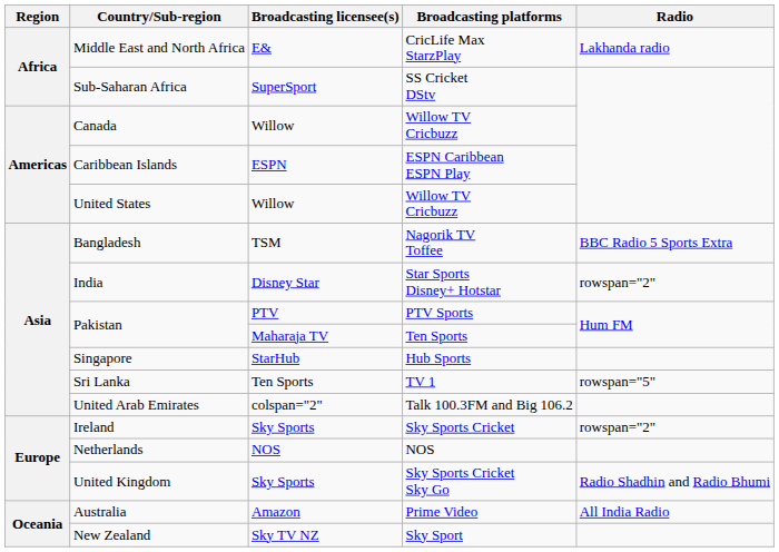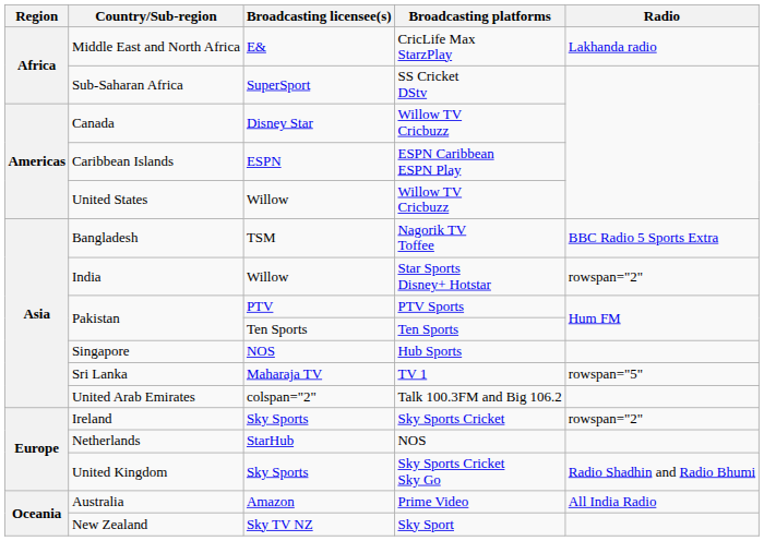 <table class="wikitable">
 <tr>
 <th scope="col">Region</th>
 <th scope="col">Country/Sub-region</th>
 <th scope="col">Broadcasting licensee(s)</th>
 <th scope="col">Broadcasting platforms</th>
 <th scope="col">Radio</th>
 </tr>
 <tr>
 <th rowspan=2>Africa</th>
 <td>Middle East and North Africa</td>
 <td><a href='#'>E&</a></td>
 <td>CricLife Max<br><a href='#'>StarzPlay</a></td>
 <td><a href='#'>Lakhanda radio</a></td>
 </tr>
 <tr>
 <td>Sub-Saharan Africa</td>
 <td><a href='#'>SuperSport</a></td>
 <td>SS Cricket<br><a href='#'>DStv</a></td>
 </tr>
 <tr>
 <th rowspan=3>Americas</th>
 <td>Canada</td>
-<td>Willow</td>
+<td><a href='#'>Disney Star</a></td>
 <td><a href='#'>Willow TV</a><br><a href='#'>Cricbuzz</a></td>
 </tr>
 <tr>
 <td>Caribbean Islands</td>
 <td><a href='#'>ESPN</a></td>
 <td><a href='#'>ESPN Caribbean</a><br><a href='#'>ESPN Play</a></td>
 </tr>
 <tr>
 <td>United States</td>
 <td>Willow</td>
 <td><a href='#'>Willow TV</a><br><a href='#'>Cricbuzz</a></td>
 </tr>
 <tr>
 <th rowspan=7>Asia</th>
 <td>Bangladesh</td>
 <td>TSM</td>
 <td><a href='#'>Nagorik TV</a><br><a href='#'>Toffee</a></td>
 <td><a href='#'>BBC Radio 5 Sports Extra</a></td>
 </tr>
 <tr>
 <td>India</td>
-<td><a href='#'>Disney Star</a></td>
+<td>Willow</td>
 <td><a href='#'>Star Sports</a><br><a href='#'>Disney+ Hotstar</a></td>
 <td>rowspan="2" </td>
 </tr>
 <tr>
 <td rowspan="2">Pakistan</td>
 <td><a href='#'>PTV</a></td>
 <td><a href='#'>PTV Sports</a></td>
 <td rowspan="2"><a href='#'>Hum FM</a></td>
 </tr>
 <tr>
-<td><a href='#'>Maharaja TV</a></td>
+<td>Ten Sports</td>
 <td><a href='#'>Ten Sports</a></td>
 </tr>
 <tr>
 <td>Singapore</td>
-<td><a href='#'>StarHub</a></td>
+<td><a href='#'>NOS</a></td>
 <td><a href='#'>Hub Sports</a></td>
 <td></td>
 </tr>
 <tr>
 <td>Sri Lanka</td>
-<td>Ten Sports</td>
+<td><a href='#'>Maharaja TV</a></td>
 <td><a href='#'>TV 1</a></td>
 <td>rowspan="5" </td>
 </tr>
 <tr>
 <td>United Arab Emirates</td>
 <td>colspan="2" </td>
 <td>Talk 100.3FM and Big 106.2</td>
 </tr>
 <tr>
 <th rowspan="3">Europe</th>
 <td>Ireland</td>
 <td><a href='#'>Sky Sports</a></td>
 <td><a href='#'>Sky Sports Cricket</a></td>
 <td>rowspan="2" </td>
 </tr>
 <tr>
 <td>Netherlands</td>
-<td><a href='#'>NOS</a></td>
+<td><a href='#'>StarHub</a></td>
 <td>NOS</td>
 </tr>
 <tr>
 <td>United Kingdom</td>
 <td><a href='#'>Sky Sports</a></td>
 <td><a href='#'>Sky Sports Cricket</a><br><a href='#'>Sky Go</a></td>
 <td><a href='#'>Radio Shadhin</a> and <a href='#'>Radio Bhumi</a></td>
 </tr>
 <tr>
 <th rowspan="2">Oceania</th>
 <td>Australia</td>
 <td><a href='#'>Amazon</a></td>
 <td><a href='#'>Prime Video</a></td>
 <td><a href='#'>All India Radio</a></td>
 </tr>
 <tr>
 <td>New Zealand</td>
 <td><a href='#'>Sky TV NZ</a></td>
 <td><a href='#'>Sky Sport</a></td>
 </tr>
 </table>
